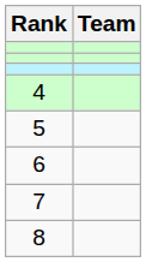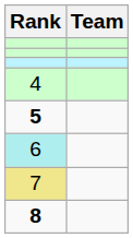 <table class=wikitable style="text-align:center;">
 <tr>
 <th>Rank</th>
 <th>Team</th>
 </tr>
 <tr bgcolor=ccffcc>
 <td></td>
 <td align=left></td>
 </tr>
 <tr bgcolor=ccffcc>
 <td></td>
 <td align=left></td>
 </tr>
 <tr bgcolor=bbf3ff>
 <td></td>
 <td align=left></td>
 </tr>
 <tr bgcolor=ccffcc>
 <td>4</td>
 <td align=left></td>
 </tr>
 <tr>
-<td>5</td>
+<td><strong>5</strong></td>
 <td align=left></td>
 </tr>
 <tr>
-<td>6</td>
+<td style="background: paleturquoise;">6</td>
 <td align=left></td>
 </tr>
 <tr>
-<td>7</td>
+<td style="background: khaki;">7</td>
 <td align=left></td>
 </tr>
 <tr>
-<td>8</td>
+<td><strong>8</strong></td>
 <td align=left></td>
 </tr>
 </table>
